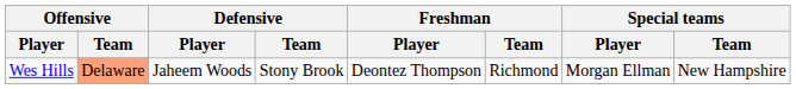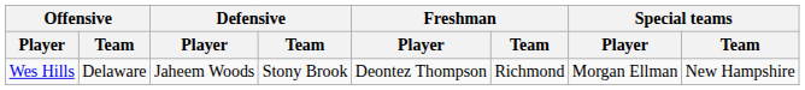 <table class="wikitable" border="1">
 <tr>
 <th colspan="2">Offensive</th>
 <th colspan="2">Defensive</th>
 <th colspan="2">Freshman</th>
 <th colspan="2">Special teams</th>
 </tr>
 <tr>
 <th>Player</th>
 <th>Team</th>
 <th>Player</th>
 <th>Team</th>
 <th>Player</th>
 <th>Team</th>
 <th>Player</th>
 <th>Team</th>
 </tr>
 <tr>
 <td><a href='#'>Wes Hills</a></td>
-<td style="background: lightsalmon;">Delaware</td>
+<td>Delaware</td>
 <td>Jaheem Woods</td>
 <td>Stony Brook</td>
 <td>Deontez Thompson</td>
 <td>Richmond</td>
 <td>Morgan Ellman</td>
 <td>New Hampshire</td>
 </tr>
 </table>
